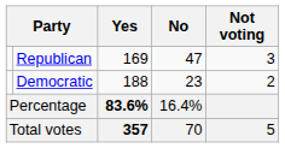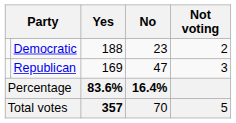 <table class="wikitable" style="float:right; background: #f9f9f9; text-align: right;">
 <tr>
 <th colspan="2" scope="col" style="width: 90px">Party</th>
 <th scope="col" style="width: 50px">Yes</th>
 <th scope="col" style="width: 50px">No</th>
 <th scope="col" style="width: 70px">Not voting</th>
 </tr>
 <tr>
 <td scope="row" style="background-color:"></td>
+<td scope="row" style="text-align: left;"><a href='#'>Democratic</a></td>
+<td>188</td>
+<td>23</td>
+<td>2</td>
+</tr>
+<tr>
+<td scope="row" style="background-color:"></td>
 <td scope="row" style="text-align: left;"><a href='#'>Republican</a></td>
 <td>169</td>
 <td>47</td>
 <td>3</td>
 </tr>
-<tr>
-<td scope="row" style="background-color:"></td>
-<td scope="row" style="text-align: left;"><a href='#'>Democratic</a></td>
-<td>188</td>
-<td>23</td>
-<td>2</td>
-</tr>
 <tr class="tfoot" style="background:#f2f2f2;"|>
 <td scope="row" colspan="2" style="text-align:left;">Percentage</td>
 <td><strong>83.6%</strong></td>
-<td>16.4%</td>
+<td><strong>16.4%</strong></td>
 <td></td>
 </tr>
 <tr class="tfoot" style="background:#f2f2f2;">
 <td scope="row" colspan="2" style="text-align:left;">Total votes</td>
 <td> <strong>357</strong></td>
 <td>70</td>
 <td>5</td>
 </tr>
 </table>
